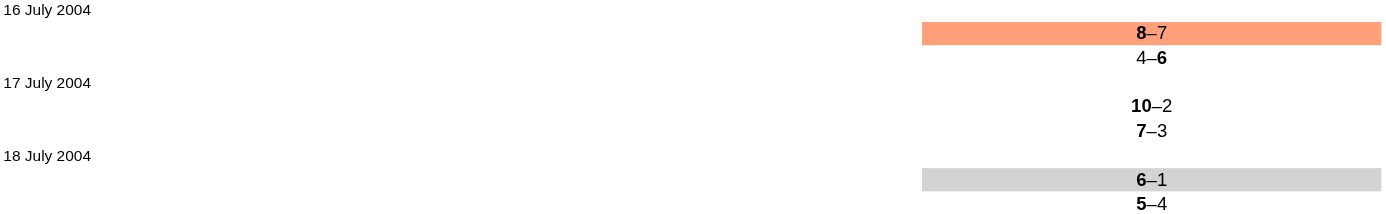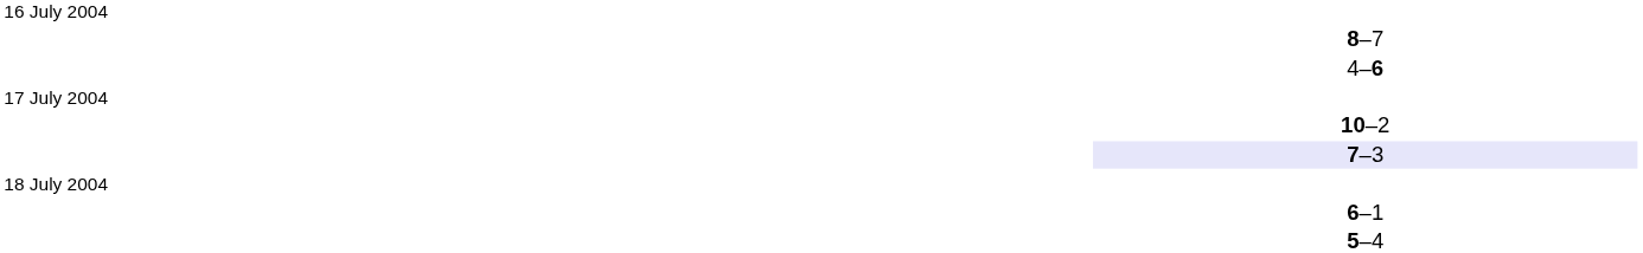 <table width=100% cellspacing=1>
 <tr>
 <th width=40%></th>
 <th width=20%></th>
 <th></th>
 </tr>
 <tr>
 <td><small>16 July 2004</small></td>
 </tr>
 <tr>
 <td align=right><strong></strong></td>
-<td align=center style="background: lightsalmon;"><strong>8</strong>–7</td>
+<td align=center><strong>8</strong>–7</td>
 <td></td>
 </tr>
 <tr>
 <td align=right></td>
 <td align=center>4–<strong>6</strong></td>
 <td><strong></strong></td>
 </tr>
 <tr>
 <td><small>17 July 2004</small></td>
 </tr>
 <tr>
 <td align=right><strong></strong></td>
 <td align=center><strong>10</strong>–2</td>
 <td></td>
 </tr>
 <tr>
 <td align=right><strong></strong></td>
-<td align=center><strong>7</strong>–3</td>
+<td align=center style="background: lavender;"><strong>7</strong>–3</td>
 <td></td>
 </tr>
 <tr>
 <td><small>18 July 2004</small></td>
 </tr>
 <tr>
 <td align=right><strong></strong></td>
-<td align=center style="background: lightgrey;"><strong>6</strong>–1</td>
+<td align=center><strong>6</strong>–1</td>
 <td></td>
 </tr>
 <tr>
 <td align=right><strong></strong></td>
 <td align=center><strong>5</strong>–4</td>
 <td></td>
 </tr>
 </table>
